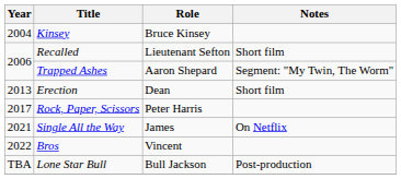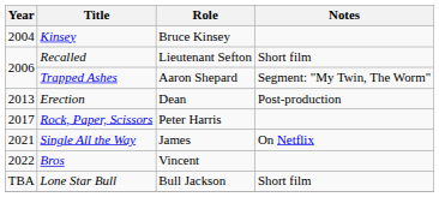 <table class="wikitable sortable">
 <tr>
 <th>Year</th>
 <th>Title</th>
 <th>Role</th>
 <th class="unsortable">Notes</th>
 </tr>
 <tr>
 <td>2004</td>
 <td><em><a href='#'>Kinsey</a></em></td>
 <td>Bruce Kinsey</td>
 <td></td>
 </tr>
 <tr>
 <td rowspan="2">2006</td>
 <td><em>Recalled</em></td>
 <td>Lieutenant Sefton</td>
 <td>Short film</td>
 </tr>
 <tr>
 <td><em><a href='#'>Trapped Ashes</a></em></td>
 <td>Aaron Shepard</td>
 <td>Segment: "My Twin, The Worm"</td>
 </tr>
 <tr>
 <td>2013</td>
 <td><em>Erection</em></td>
 <td>Dean</td>
-<td>Short film</td>
+<td>Post-production</td>
 </tr>
 <tr>
 <td>2017</td>
 <td><em><a href='#'>Rock, Paper, Scissors</a></em></td>
 <td>Peter Harris</td>
 <td></td>
 </tr>
 <tr>
 <td>2021</td>
 <td><em><a href='#'>Single All the Way</a></em></td>
 <td>James</td>
 <td>On <a href='#'>Netflix</a></td>
 </tr>
 <tr>
 <td>2022</td>
 <td><em><a href='#'>Bros</a></em></td>
 <td>Vincent</td>
 <td></td>
 </tr>
 <tr>
 <td>TBA</td>
 <td><em>Lone Star Bull</em></td>
 <td>Bull Jackson</td>
-<td>Post-production</td>
+<td>Short film</td>
 </tr>
 <tr>
 </tr>
 </table>
